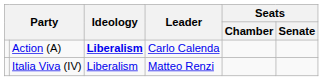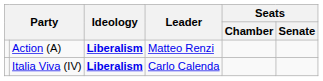 <table class=wikitable  style=text-align:left>
 <tr>
 <th colspan="2" rowspan="2">Party</th>
 <th rowspan="2">Ideology</th>
 <th rowspan="2">Leader</th>
 <th colspan="2">Seats</th>
 </tr>
 <tr>
 <th>Chamber</th>
 <th>Senate</th>
 </tr>
 <tr>
 <td></td>
 <td><a href='#'>Action</a> (A)</td>
 <td><strong><a href='#'>Liberalism</a></strong></td>
-<td><a href='#'>Carlo Calenda</a></td>
+<td><a href='#'>Matteo Renzi</a></td>
 <td></td>
 <td></td>
 </tr>
 <tr>
 <td></td>
 <td><a href='#'>Italia Viva</a> (IV)</td>
-<td><a href='#'>Liberalism</a></td>
-<td><a href='#'>Matteo Renzi</a></td>
+<td><strong><a href='#'>Liberalism</a></strong></td>
+<td><a href='#'>Carlo Calenda</a></td>
 <td></td>
 <td></td>
 </tr>
 </table>
